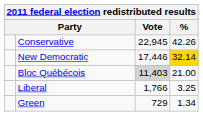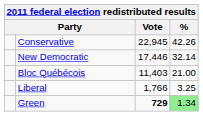 <table class="wikitable">
 <tr>
 <th colspan="4"><a href='#'>2011 federal election</a> redistributed results</th>
 </tr>
 <tr>
 <th bgcolor="#DDDDFF" width="130px" colspan="2">Party</th>
 <th bgcolor="#DDDDFF" width="50px">Vote</th>
 <th bgcolor="#DDDDFF" width="30px">%</th>
 </tr>
 <tr>
 <td> </td>
 <td><a href='#'>Conservative</a></td>
 <td align=right>22,945</td>
 <td align=right>42.26</td>
 </tr>
 <tr>
 <td> </td>
 <td><a href='#'>New Democratic</a></td>
 <td align=right>17,446</td>
-<td align=right style="background: gold;">32.14</td>
+<td align=right>32.14</td>
 </tr>
 <tr>
 <td> </td>
 <td><a href='#'>Bloc Québécois</a></td>
-<td align=right style="background: lightgrey;">11,403</td>
+<td align=right>11,403</td>
 <td align=right>21.00</td>
 </tr>
 <tr>
 <td> </td>
 <td><a href='#'>Liberal</a></td>
 <td align=right>1,766</td>
 <td align=right>3.25</td>
 </tr>
 <tr>
 <td> </td>
 <td><a href='#'>Green</a></td>
-<td align=right>729</td>
-<td align=right>1.34</td>
+<td align=right><strong>729</strong></td>
+<td align=right style="background: lightgreen;">1.34</td>
 </tr>
 </table>
